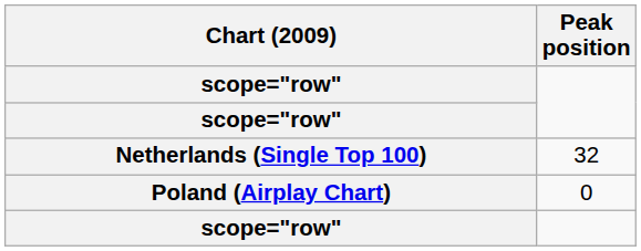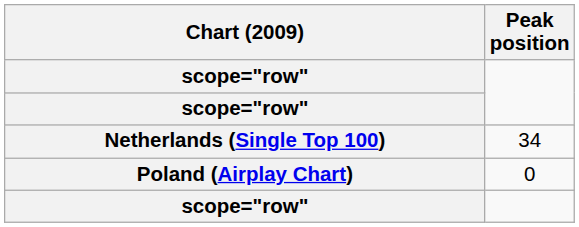 <table class="wikitable sortable plainrowheaders">
 <tr>
 <th scope="col" style="width:23em;">Chart (2009)</th>
 <th scope="col">Peak<br>position</th>
 </tr>
 <tr>
 <th>scope="row" </th>
 </tr>
 <tr>
 <th>scope="row" </th>
 </tr>
 <tr>
 <th scope="row">Netherlands (<a href='#'>Single Top 100</a>)</th>
-<td style="text-align:center;">32</td>
+<td style="text-align:center;">34</td>
 </tr>
 <tr>
 <th scope="row">Poland (<a href='#'>Airplay Chart</a>)</th>
 <td style="text-align:center;">0</td>
 </tr>
 <tr>
 <th>scope="row" </th>
 </tr>
 </table>
